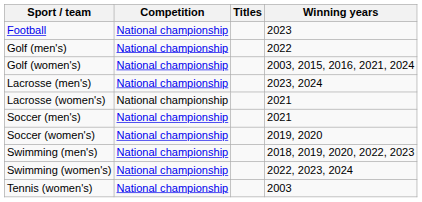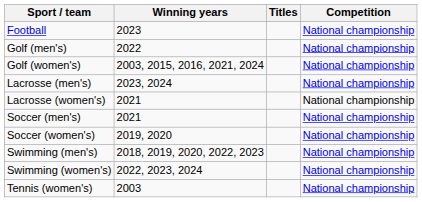 <table class="wikitable sortable"; style= "text-align: ">
 <tr>
 <th width=0px>Sport / team</th>
+<th width=0px>Winning years</th>
+<th width=0px>Titles</th>
 <th width=0px>Competition</th>
-<th width=0px>Titles</th>
-<th width=0px>Winning years</th>
 </tr>
 <tr>
 <td><a href='#'>Football</a></td>
+<td>2023</td>
+<td></td>
 <td><a href='#'>National championship</a></td>
-<td></td>
-<td>2023</td>
 </tr>
 <tr>
 <td>Golf (men's)</td>
+<td>2022</td>
+<td></td>
 <td><a href='#'>National championship</a></td>
-<td></td>
-<td>2022</td>
 </tr>
 <tr>
 <td>Golf (women's)</td>
+<td>2003, 2015, 2016, 2021, 2024</td>
+<td></td>
 <td><a href='#'>National championship</a></td>
-<td></td>
-<td>2003, 2015, 2016, 2021, 2024</td>
 </tr>
 <tr>
 <td>Lacrosse (men's)</td>
+<td>2023, 2024</td>
+<td></td>
 <td><a href='#'>National championship</a></td>
-<td></td>
-<td>2023, 2024</td>
 </tr>
 <tr>
 <td>Lacrosse (women's)</td>
+<td>2021</td>
+<td></td>
 <td>National championship</td>
-<td></td>
-<td>2021</td>
 </tr>
 <tr>
 <td>Soccer (men's)</td>
+<td>2021</td>
+<td></td>
 <td><a href='#'>National championship</a></td>
-<td></td>
-<td>2021</td>
 </tr>
 <tr>
 <td>Soccer (women's)</td>
+<td>2019, 2020</td>
+<td></td>
 <td><a href='#'>National championship</a></td>
-<td></td>
-<td>2019, 2020</td>
 </tr>
 <tr>
 <td>Swimming (men's)</td>
+<td>2018, 2019, 2020, 2022, 2023</td>
+<td></td>
 <td><a href='#'>National championship</a></td>
-<td></td>
-<td>2018, 2019, 2020, 2022, 2023</td>
 </tr>
 <tr>
 <td>Swimming (women's)</td>
+<td>2022, 2023, 2024</td>
+<td></td>
 <td><a href='#'>National championship</a></td>
-<td></td>
-<td>2022, 2023, 2024</td>
 </tr>
 <tr>
 <td>Tennis (women's)</td>
+<td>2003</td>
+<td></td>
 <td><a href='#'>National championship</a></td>
-<td></td>
-<td>2003</td>
 </tr>
 </table>
